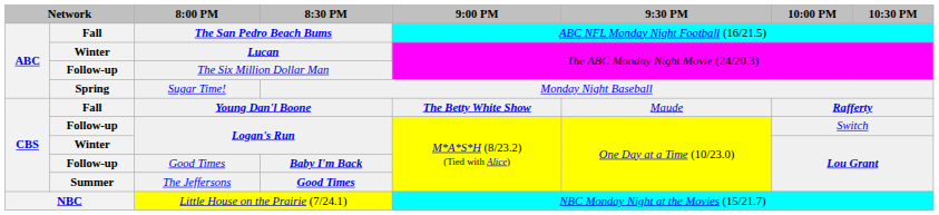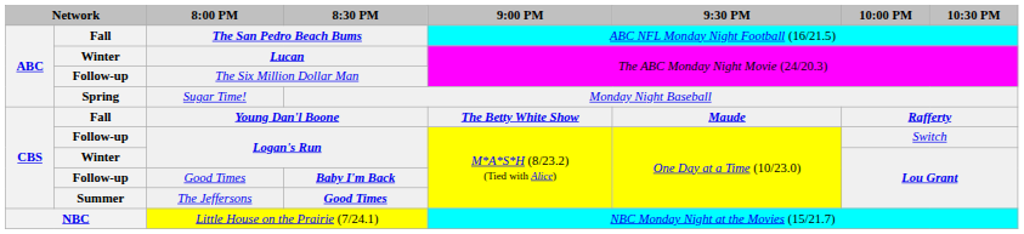 <table class="wikitable plainrowheaders" style="width:100%; margin:auto; text-align:center;">
 <tr>
 <th colspan="2" style="background-color:#C0C0C0;text-align:center">Network</th>
 <th style="background-color:#C0C0C0;text-align:center">8:00 PM</th>
 <th style="background-color:#C0C0C0;text-align:center">8:30 PM</th>
 <th style="background-color:#C0C0C0;text-align:center">9:00 PM</th>
 <th style="background-color:#C0C0C0;text-align:center">9:30 PM</th>
 <th style="background-color:#C0C0C0;text-align:center">10:00 PM</th>
 <th style="background-color:#C0C0C0;text-align:center">10:30 PM</th>
 </tr>
 <tr>
 <th rowspan="4" bgcolor="#C0C0C0"><a href='#'>ABC</a></th>
 <th>Fall</th>
 <td bgcolor="#F0F0F0" colspan="2"><strong><em><a href='#'>The San Pedro Beach Bums</a></em></strong></td>
 <td bgcolor="#00FFFF" colspan="4"><em><a href='#'>ABC NFL Monday Night Football</a></em> (16/21.5)</td>
 </tr>
 <tr>
 <th>Winter</th>
 <td bgcolor="#F0F0F0" colspan="2"><strong><em><a href='#'>Lucan</a></em></strong></td>
 <td colspan="4" rowspan="2" bgcolor="#FF00FF"><em>The ABC Monday Night Movie</em> (24/20.3)</td>
 </tr>
 <tr>
 <th>Follow-up</th>
 <td colspan="2" bgcolor="#F0F0F0"><em><a href='#'>The Six Million Dollar Man</a></em></td>
 </tr>
 <tr>
 <th>Spring</th>
 <td bgcolor="#F0F0F0"><em><a href='#'>Sugar Time!</a></em></td>
 <td bgcolor="#F0F0F0" colspan="5"><em><a href='#'>Monday Night Baseball</a></em></td>
 </tr>
 <tr>
 <th rowspan="5" bgcolor="#C0C0C0"><a href='#'>CBS</a></th>
 <th>Fall</th>
 <td bgcolor="#F0F0F0" colspan="2"><strong><em><a href='#'>Young Dan'l Boone</a></em></strong></td>
 <td bgcolor="#F0F0F0"><strong><em><a href='#'>The Betty White Show</a></em></strong></td>
-<td bgcolor="#F0F0F0"><em><a href='#'>Maude</a></em></td>
+<td bgcolor="#F0F0F0"><strong><em><a href='#'>Maude</a></em></strong></td>
 <td bgcolor="#F0F0F0" colspan="2"><strong><em><a href='#'>Rafferty</a></em></strong></td>
 </tr>
 <tr>
 <th>Follow-up</th>
 <td bgcolor="#F0F0F0" colspan="2" rowspan="2"><strong><em><a href='#'>Logan's Run</a></em></strong></td>
 <td rowspan="4" bgcolor="#FFFF00"><em><a href='#'>M*A*S*H</a></em> (8/23.2)<br><small>(Tied with <em><a href='#'>Alice</a></em>)</small></td>
 <td rowspan="4" bgcolor="#FFFF00"><em><a href='#'>One Day at a Time</a></em> (10/23.0)</td>
 <td bgcolor="#F0F0F0" colspan="2"><em><a href='#'>Switch</a></em></td>
 </tr>
 <tr>
 <th>Winter</th>
 <td colspan="2" rowspan="3" bgcolor="#F0F0F0"><strong><em><a href='#'>Lou Grant</a></em></strong></td>
 </tr>
 <tr>
 <th>Follow-up</th>
 <td bgcolor="#F0F0F0"><em><a href='#'>Good Times</a></em></td>
 <td bgcolor="#F0F0F0"><strong><em><a href='#'>Baby I'm Back</a></em></strong></td>
 </tr>
 <tr>
 <th>Summer</th>
 <td bgcolor="#F0F0F0"><em><a href='#'>The Jeffersons</a></em></td>
 <td bgcolor="#F0F0F0"><strong><em><a href='#'>Good Times</a></em></strong></td>
 </tr>
 <tr>
 <th bgcolor="#C0C0C0" colspan="2"><a href='#'>NBC</a></th>
 <td bgcolor="#FFFF00" colspan="2"><em><a href='#'>Little House on the Prairie</a></em> (7/24.1)</td>
 <td bgcolor="#00FFFF" colspan="4"><em><a href='#'>NBC Monday Night at the Movies</a></em> (15/21.7)</td>
 </tr>
 </table>
